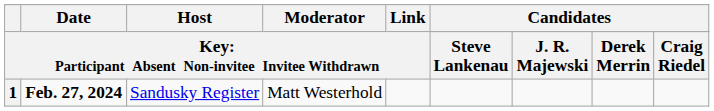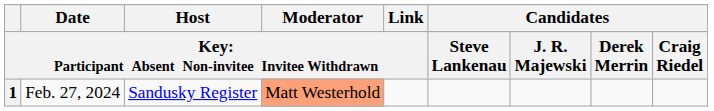 <table class="wikitable" style="text-align:center;">
 <tr style="font-size:small;">
 </tr>
 <tr>
 <th scope="col"></th>
 <th scope="col">Date</th>
 <th scope="col">Host</th>
 <th scope="col">Moderator</th>
 <th scope="col">Link</th>
 <th scope="col" colspan="4">Candidates</th>
 </tr>
 <tr>
 <th colspan="5" rowspan="2">Key:<br> <small>Participant </small>  <small>Absent </small>  <small>Non-invitee </small>  <small>Invitee  Withdrawn</small></th>
 </tr>
 <tr>
 <th scope="col">Steve Lankenau</th>
 <th scope="col">J. R. Majewski</th>
 <th scope="col">Derek Merrin</th>
 <th scope="col">Craig Riedel</th>
 </tr>
 <tr>
 <th scope="row">1</th>
-<td style="white-space:nowrap;"><strong>Feb. 27, 2024</strong></td>
+<td style="white-space:nowrap;">Feb. 27, 2024</td>
 <td style="white-space:nowrap;"><a href='#'>Sandusky Register</a></td>
-<td style="white-space:nowrap;">Matt Westerhold</td>
+<td style="background: lightsalmon; white-space:nowrap;">Matt Westerhold</td>
 <td style="white-space:nowrap;"></td>
 <td></td>
 <td></td>
 <td></td>
 <td></td>
 </tr>
 </table>
